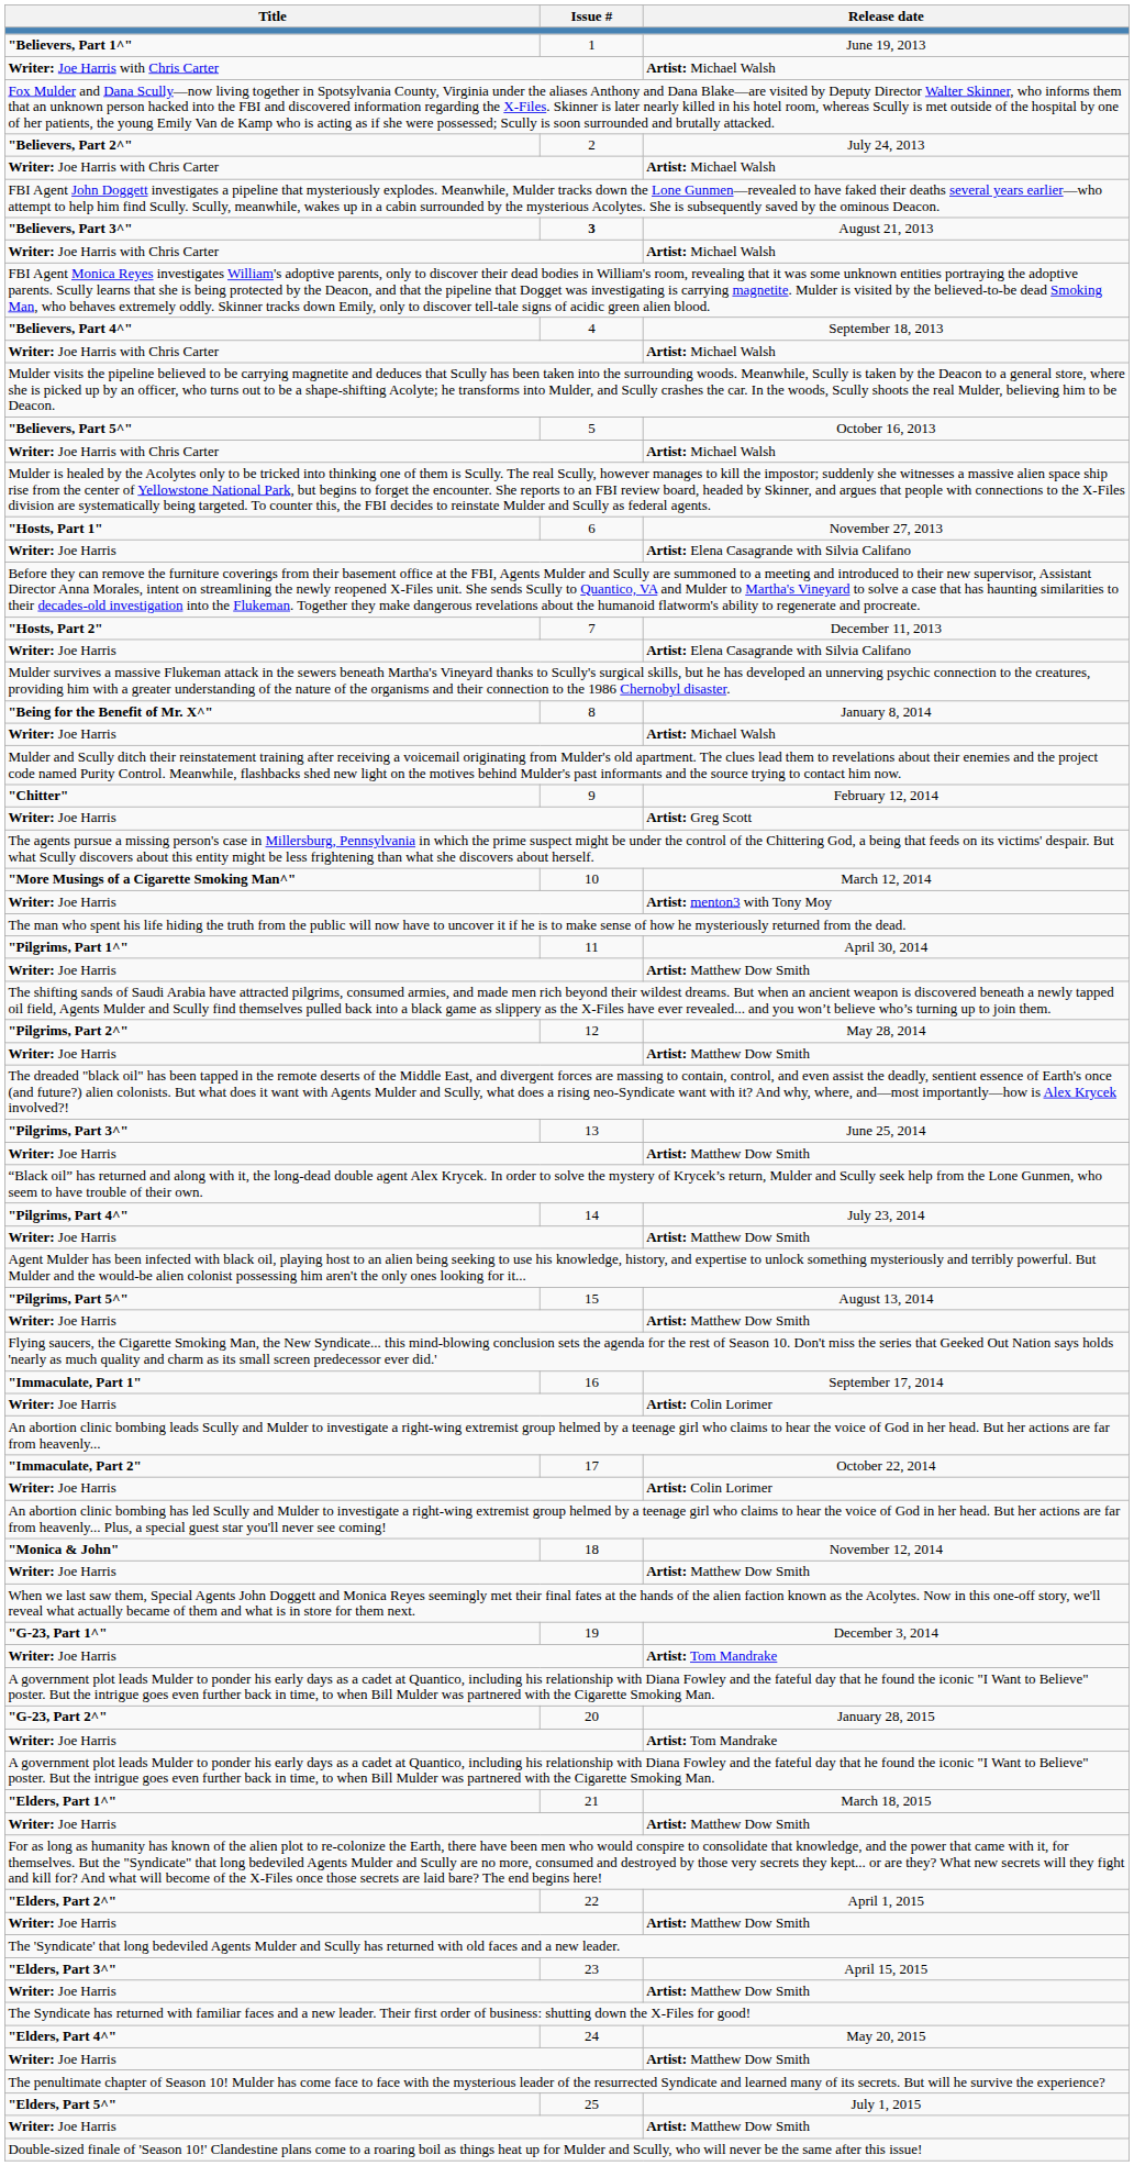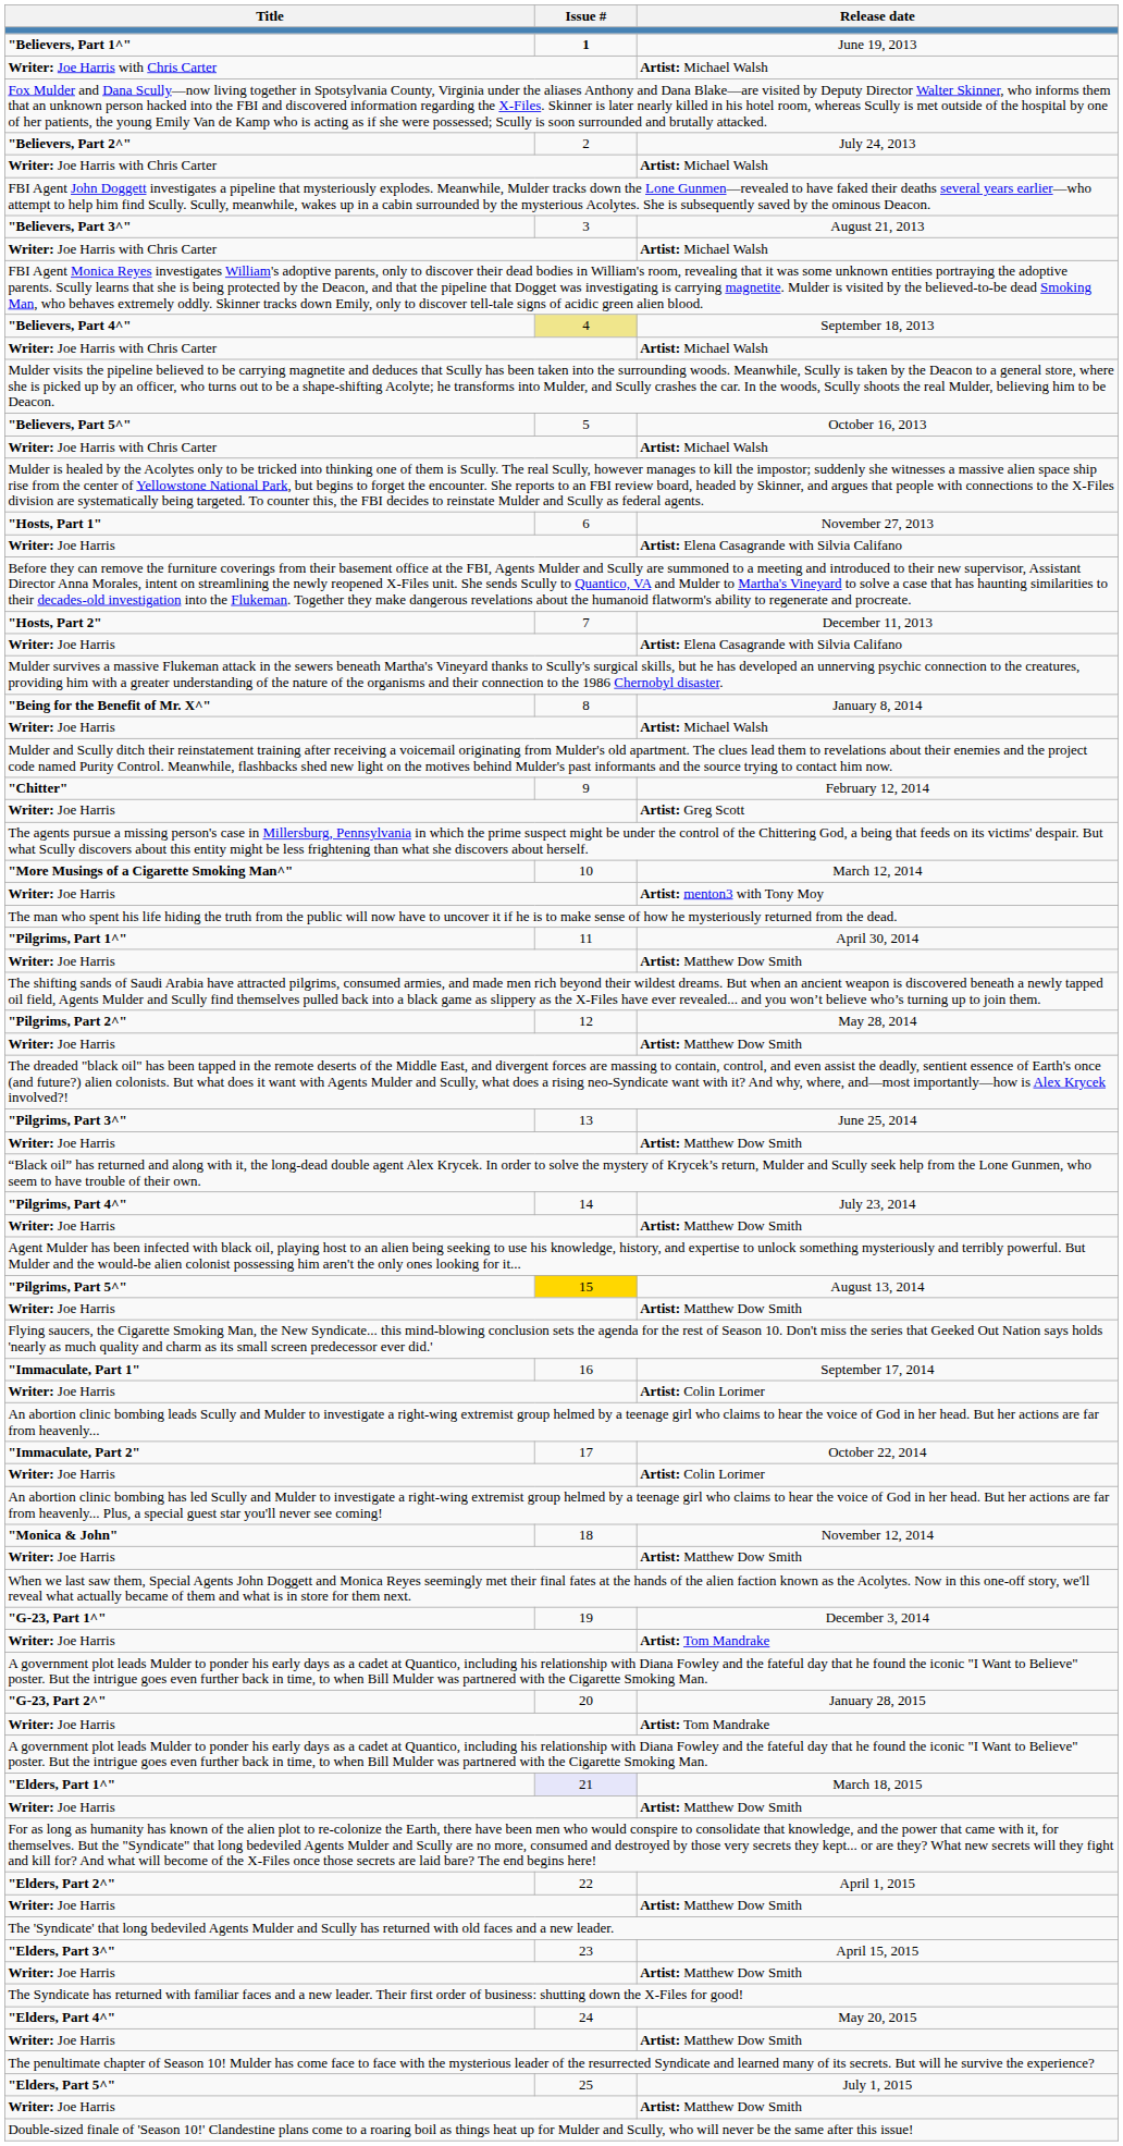 <table class="wikitable" style="width:100%;">
 <tr>
 <th>Title</th>
 <th>Issue #</th>
 <th>Release date</th>
 </tr>
 <tr>
 <td colspan="6" style="background:#4682b4;"></td>
 </tr>
 <tr>
 <td><strong>"Believers, Part 1^"</strong></td>
-<td style="text-align:center;">1</td>
+<td style="text-align:center;"><strong>1</strong></td>
 <td style="text-align:center;">June 19, 2013</td>
 </tr>
 <tr>
 <td colspan="2"><strong>Writer:</strong> <a href='#'>Joe Harris</a> with <a href='#'>Chris Carter</a></td>
 <td><strong>Artist:</strong> Michael Walsh</td>
 </tr>
 <tr>
 <td colspan="6"><a href='#'>Fox Mulder</a> and <a href='#'>Dana Scully</a>—now living together in Spotsylvania County, Virginia under the aliases Anthony and Dana Blake—are visited by Deputy Director <a href='#'>Walter Skinner</a>, who informs them that an unknown person hacked into the FBI and discovered information regarding the <a href='#'>X-Files</a>. Skinner is later nearly killed in his hotel room, whereas Scully is met outside of the hospital by one of her patients, the young Emily Van de Kamp who is acting as if she were possessed; Scully is soon surrounded and brutally attacked.</td>
 </tr>
 <tr>
 <td><strong>"Believers, Part 2^"</strong></td>
 <td style="text-align:center;">2</td>
 <td style="text-align:center;">July 24, 2013</td>
 </tr>
 <tr>
 <td colspan="2"><strong>Writer:</strong> Joe Harris with Chris Carter</td>
 <td><strong>Artist:</strong> Michael Walsh</td>
 </tr>
 <tr>
 <td colspan="6">FBI Agent <a href='#'>John Doggett</a> investigates a pipeline that mysteriously explodes. Meanwhile, Mulder tracks down the <a href='#'>Lone Gunmen</a>—revealed to have faked their deaths <a href='#'>several years earlier</a>—who attempt to help him find Scully. Scully, meanwhile, wakes up in a cabin surrounded by the mysterious Acolytes. She is subsequently saved by the ominous Deacon.</td>
 </tr>
 <tr>
 <td><strong>"Believers, Part 3^"</strong></td>
-<td style="text-align:center;"><strong>3</strong></td>
+<td style="text-align:center;">3</td>
 <td style="text-align:center;">August 21, 2013</td>
 </tr>
 <tr>
 <td colspan="2"><strong>Writer:</strong> Joe Harris with Chris Carter</td>
 <td><strong>Artist:</strong> Michael Walsh</td>
 </tr>
 <tr>
 <td colspan="6">FBI Agent <a href='#'>Monica Reyes</a> investigates <a href='#'>William</a>'s adoptive parents, only to discover their dead bodies in William's room, revealing that it was some unknown entities portraying the adoptive parents. Scully learns that she is being protected by the Deacon, and that the pipeline that Dogget was investigating is carrying <a href='#'>magnetite</a>. Mulder is visited by the believed-to-be dead <a href='#'>Smoking Man</a>, who behaves extremely oddly. Skinner tracks down Emily, only to discover tell-tale signs of acidic green alien blood.</td>
 </tr>
 <tr>
 <td><strong>"Believers, Part 4^"</strong></td>
-<td style="text-align:center;">4</td>
+<td style="background: khaki; text-align:center;">4</td>
 <td style="text-align:center;">September 18, 2013</td>
 </tr>
 <tr>
 <td colspan="2"><strong>Writer:</strong> Joe Harris with Chris Carter</td>
 <td><strong>Artist:</strong> Michael Walsh</td>
 </tr>
 <tr>
 <td colspan="6">Mulder visits the pipeline believed to be carrying magnetite and deduces that Scully has been taken into the surrounding woods. Meanwhile, Scully is taken by the Deacon to a general store, where she is picked up by an officer, who turns out to be a shape-shifting Acolyte; he transforms into Mulder, and Scully crashes the car. In the woods, Scully shoots the real Mulder, believing him to be Deacon.</td>
 </tr>
 <tr>
 <td><strong>"Believers, Part 5^"</strong></td>
 <td style="text-align:center;">5</td>
 <td style="text-align:center;">October 16, 2013</td>
 </tr>
 <tr>
 <td colspan="2"><strong>Writer:</strong> Joe Harris with Chris Carter</td>
 <td><strong>Artist:</strong> Michael Walsh</td>
 </tr>
 <tr>
 <td colspan="6">Mulder is healed by the Acolytes only to be tricked into thinking one of them is Scully. The real Scully, however manages to kill the impostor; suddenly she witnesses a massive alien space ship rise from the center of <a href='#'>Yellowstone National Park</a>, but begins to forget the encounter. She reports to an FBI review board, headed by Skinner, and argues that people with connections to the X-Files division are systematically being targeted. To counter this, the FBI decides to reinstate Mulder and Scully as federal agents.</td>
 </tr>
 <tr>
 <td><strong>"Hosts, Part 1"</strong></td>
 <td style="text-align:center;">6</td>
 <td style="text-align:center;">November 27, 2013</td>
 </tr>
 <tr>
 <td colspan="2"><strong>Writer:</strong> Joe Harris</td>
 <td><strong>Artist:</strong> Elena Casagrande with Silvia Califano</td>
 </tr>
 <tr>
 <td colspan="6">Before they can remove the furniture coverings from their basement office at the FBI, Agents Mulder and Scully are summoned to a meeting and introduced to their new supervisor, Assistant Director Anna Morales, intent on streamlining the newly reopened X-Files unit. She sends Scully to <a href='#'>Quantico, VA</a> and Mulder to <a href='#'>Martha's Vineyard</a> to solve a case that has haunting similarities to their <a href='#'>decades-old investigation</a> into the <a href='#'>Flukeman</a>. Together they make dangerous revelations about the humanoid flatworm's ability to regenerate and procreate.</td>
 </tr>
 <tr>
 <td><strong>"Hosts, Part 2"</strong></td>
 <td style="text-align:center;">7</td>
 <td style="text-align:center;">December 11, 2013</td>
 </tr>
 <tr>
 <td colspan="2"><strong>Writer:</strong> Joe Harris</td>
 <td><strong>Artist:</strong> Elena Casagrande with Silvia Califano</td>
 </tr>
 <tr>
 <td colspan="6">Mulder survives a massive Flukeman attack in the sewers beneath Martha's Vineyard thanks to Scully's surgical skills, but he has developed an unnerving psychic connection to the creatures, providing him with a greater understanding of the nature of the organisms and their connection to the 1986 <a href='#'>Chernobyl disaster</a>.</td>
 </tr>
 <tr>
 <td><strong>"Being for the Benefit of Mr. X^"</strong></td>
 <td style="text-align:center;">8</td>
 <td style="text-align:center;">January 8, 2014</td>
 </tr>
 <tr>
 <td colspan="2"><strong>Writer:</strong> Joe Harris</td>
 <td><strong>Artist:</strong> Michael Walsh</td>
 </tr>
 <tr>
 <td colspan="6">Mulder and Scully ditch their reinstatement training after receiving a voicemail originating from Mulder's old apartment. The clues lead them to revelations about their enemies and the project code named Purity Control. Meanwhile, flashbacks shed new light on the motives behind Mulder's past informants and the source trying to contact him now.</td>
 </tr>
 <tr>
 <td><strong>"Chitter"</strong></td>
 <td style="text-align:center;">9</td>
 <td style="text-align:center;">February 12, 2014</td>
 </tr>
 <tr>
 <td colspan="2"><strong>Writer:</strong> Joe Harris</td>
 <td><strong>Artist:</strong> Greg Scott</td>
 </tr>
 <tr>
 <td colspan="6">The agents pursue a missing person's case in <a href='#'>Millersburg, Pennsylvania</a> in which the prime suspect might be under the control of the Chittering God, a being that feeds on its victims' despair. But what Scully discovers about this entity might be less frightening than what she discovers about herself.</td>
 </tr>
 <tr>
 <td><strong>"More Musings of a Cigarette Smoking Man^"</strong></td>
 <td style="text-align:center;">10</td>
 <td style="text-align:center;">March 12, 2014</td>
 </tr>
 <tr>
 <td colspan="2"><strong>Writer:</strong> Joe Harris</td>
 <td><strong>Artist:</strong> <a href='#'>menton3</a> with Tony Moy</td>
 </tr>
 <tr>
 <td colspan="6">The man who spent his life hiding the truth from the public will now have to uncover it if he is to make sense of how he mysteriously returned from the dead.</td>
 </tr>
 <tr>
 <td><strong>"Pilgrims, Part 1^"</strong></td>
 <td style="text-align:center;">11</td>
 <td style="text-align:center;">April 30, 2014</td>
 </tr>
 <tr>
 <td colspan="2"><strong>Writer:</strong> Joe Harris</td>
 <td><strong>Artist:</strong> Matthew Dow Smith</td>
 </tr>
 <tr>
 <td colspan="6">The shifting sands of Saudi Arabia have attracted pilgrims, consumed armies, and made men rich beyond their wildest dreams. But when an ancient weapon is discovered beneath a newly tapped oil field, Agents Mulder and Scully find themselves pulled back into a black game as slippery as the X-Files have ever revealed... and you won’t believe who’s turning up to join them.</td>
 </tr>
 <tr>
 <td><strong>"Pilgrims, Part 2^"</strong></td>
 <td style="text-align:center;">12</td>
 <td style="text-align:center;">May 28, 2014</td>
 </tr>
 <tr>
 <td colspan="2"><strong>Writer:</strong> Joe Harris</td>
 <td><strong>Artist:</strong> Matthew Dow Smith</td>
 </tr>
 <tr>
 <td colspan="6">The dreaded "black oil" has been tapped in the remote deserts of the Middle East, and divergent forces are massing to contain, control, and even assist the deadly, sentient essence of Earth's once (and future?) alien colonists. But what does it want with Agents Mulder and Scully, what does a rising neo-Syndicate want with it? And why, where, and—most importantly—how is <a href='#'>Alex Krycek</a> involved?!</td>
 </tr>
 <tr>
 <td><strong>"Pilgrims, Part 3^"</strong></td>
 <td style="text-align:center;">13</td>
 <td style="text-align:center;">June 25, 2014</td>
 </tr>
 <tr>
 <td colspan="2"><strong>Writer:</strong> Joe Harris</td>
 <td><strong>Artist:</strong> Matthew Dow Smith</td>
 </tr>
 <tr>
 <td colspan="6">“Black oil” has returned and along with it, the long-dead double agent Alex Krycek. In order to solve the mystery of Krycek’s return, Mulder and Scully seek help from the Lone Gunmen, who seem to have trouble of their own.</td>
 </tr>
 <tr>
 <td><strong>"Pilgrims, Part 4^"</strong></td>
 <td style="text-align:center;">14</td>
 <td style="text-align:center;">July 23, 2014</td>
 </tr>
 <tr>
 <td colspan="2"><strong>Writer:</strong> Joe Harris</td>
 <td><strong>Artist:</strong> Matthew Dow Smith</td>
 </tr>
 <tr>
 <td colspan="6">Agent Mulder has been infected with black oil, playing host to an alien being seeking to use his knowledge, history, and expertise to unlock something mysteriously and terribly powerful. But Mulder and the would-be alien colonist possessing him aren't the only ones looking for it...</td>
 </tr>
 <tr>
 <td><strong>"Pilgrims, Part 5^"</strong></td>
-<td style="text-align:center;">15</td>
+<td style="background: gold; text-align:center;">15</td>
 <td style="text-align:center;">August 13, 2014</td>
 </tr>
 <tr>
 <td colspan="2"><strong>Writer:</strong> Joe Harris</td>
 <td><strong>Artist:</strong> Matthew Dow Smith</td>
 </tr>
 <tr>
 <td colspan="6">Flying saucers, the Cigarette Smoking Man, the New Syndicate... this mind-blowing conclusion sets the agenda for the rest of Season 10. Don't miss the series that Geeked Out Nation says holds 'nearly as much quality and charm as its small screen predecessor ever did.'</td>
 </tr>
 <tr>
 <td><strong>"Immaculate, Part 1"</strong></td>
 <td style="text-align:center;">16</td>
 <td style="text-align:center;">September 17, 2014</td>
 </tr>
 <tr>
 <td colspan="2"><strong>Writer:</strong> Joe Harris</td>
 <td><strong>Artist:</strong> Colin Lorimer</td>
 </tr>
 <tr>
 <td colspan="6">An abortion clinic bombing leads Scully and Mulder to investigate a right-wing extremist group helmed by a teenage girl who claims to hear the voice of God in her head. But her actions are far from heavenly...</td>
 </tr>
 <tr>
 <td><strong>"Immaculate, Part 2"</strong></td>
 <td style="text-align:center;">17</td>
 <td style="text-align:center;">October 22, 2014</td>
 </tr>
 <tr>
 <td colspan="2"><strong>Writer:</strong> Joe Harris</td>
 <td><strong>Artist:</strong> Colin Lorimer</td>
 </tr>
 <tr>
 <td colspan="6">An abortion clinic bombing has led Scully and Mulder to investigate a right-wing extremist group helmed by a teenage girl who claims to hear the voice of God in her head. But her actions are far from heavenly... Plus, a special guest star you'll never see coming!</td>
 </tr>
 <tr>
 <td><strong>"Monica & John"</strong></td>
 <td style="text-align:center;">18</td>
 <td style="text-align:center;">November 12, 2014</td>
 </tr>
 <tr>
 <td colspan="2"><strong>Writer:</strong> Joe Harris</td>
 <td><strong>Artist:</strong> Matthew Dow Smith</td>
 </tr>
 <tr>
 <td colspan="6">When we last saw them, Special Agents John Doggett and Monica Reyes seemingly met their final fates at the hands of the alien faction known as the Acolytes. Now in this one-off story, we'll reveal what actually became of them and what is in store for them next.</td>
 </tr>
 <tr>
 <td><strong>"G-23, Part 1^"</strong></td>
 <td style="text-align:center;">19</td>
 <td style="text-align:center;">December 3, 2014</td>
 </tr>
 <tr>
 <td colspan="2"><strong>Writer:</strong> Joe Harris</td>
 <td><strong>Artist:</strong> <a href='#'>Tom Mandrake</a></td>
 </tr>
 <tr>
 <td colspan="6">A government plot leads Mulder to ponder his early days as a cadet at Quantico, including his relationship with Diana Fowley and the fateful day that he found the iconic "I Want to Believe" poster. But the intrigue goes even further back in time, to when Bill Mulder was partnered with the Cigarette Smoking Man.</td>
 </tr>
 <tr>
 <td><strong>"G-23, Part 2^"</strong></td>
 <td style="text-align:center;">20</td>
 <td style="text-align:center;">January 28, 2015</td>
 </tr>
 <tr>
 <td colspan="2"><strong>Writer:</strong> Joe Harris</td>
 <td><strong>Artist:</strong> Tom Mandrake</td>
 </tr>
 <tr>
 <td colspan="6">A government plot leads Mulder to ponder his early days as a cadet at Quantico, including his relationship with Diana Fowley and the fateful day that he found the iconic "I Want to Believe" poster. But the intrigue goes even further back in time, to when Bill Mulder was partnered with the Cigarette Smoking Man.</td>
 </tr>
 <tr>
 <td><strong>"Elders, Part 1^"</strong></td>
-<td style="text-align:center;">21</td>
+<td style="background: lavender; text-align:center;">21</td>
 <td style="text-align:center;">March 18, 2015</td>
 </tr>
 <tr>
 <td colspan="2"><strong>Writer:</strong> Joe Harris</td>
 <td><strong>Artist:</strong> Matthew Dow Smith</td>
 </tr>
 <tr>
 <td colspan="6">For as long as humanity has known of the alien plot to re-colonize the Earth, there have been men who would conspire to consolidate that knowledge, and the power that came with it, for themselves. But the "Syndicate" that long bedeviled Agents Mulder and Scully are no more, consumed and destroyed by those very secrets they kept... or are they? What new secrets will they fight and kill for? And what will become of the X-Files once those secrets are laid bare? The end begins here!</td>
 </tr>
 <tr>
 <td><strong>"Elders, Part 2^"</strong></td>
 <td style="text-align:center;">22</td>
 <td style="text-align:center;">April 1, 2015</td>
 </tr>
 <tr>
 <td colspan="2"><strong>Writer:</strong> Joe Harris</td>
 <td><strong>Artist:</strong> Matthew Dow Smith</td>
 </tr>
 <tr>
 <td colspan="6">The 'Syndicate' that long bedeviled Agents Mulder and Scully has returned with old faces and a new leader.</td>
 </tr>
 <tr>
 <td><strong>"Elders, Part 3^"</strong></td>
 <td style="text-align:center;">23</td>
 <td style="text-align:center;">April 15, 2015</td>
 </tr>
 <tr>
 <td colspan="2"><strong>Writer:</strong> Joe Harris</td>
 <td><strong>Artist:</strong> Matthew Dow Smith</td>
 </tr>
 <tr>
 <td colspan="6">The Syndicate has returned with familiar faces and a new leader. Their first order of business: shutting down the X-Files for good! </td>
 </tr>
 <tr>
 <td><strong>"Elders, Part 4^"</strong></td>
 <td style="text-align:center;">24</td>
 <td style="text-align:center;">May 20, 2015</td>
 </tr>
 <tr>
 <td colspan="2"><strong>Writer:</strong> Joe Harris</td>
 <td><strong>Artist:</strong> Matthew Dow Smith</td>
 </tr>
 <tr>
 <td colspan="6">The penultimate chapter of Season 10! Mulder has come face to face with the mysterious leader of the resurrected Syndicate and learned many of its secrets. But will he survive the experience?</td>
 </tr>
 <tr>
 <td><strong>"Elders, Part 5^"</strong></td>
 <td style="text-align:center;">25</td>
 <td style="text-align:center;">July 1, 2015</td>
 </tr>
 <tr>
 <td colspan="2"><strong>Writer:</strong> Joe Harris</td>
 <td><strong>Artist:</strong> Matthew Dow Smith</td>
 </tr>
 <tr>
 <td colspan="6">Double-sized finale of 'Season 10!' Clandestine plans come to a roaring boil as things heat up for Mulder and Scully, who will never be the same after this issue!</td>
 </tr>
 </table>
